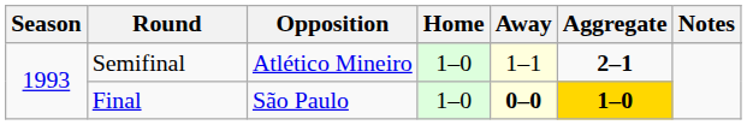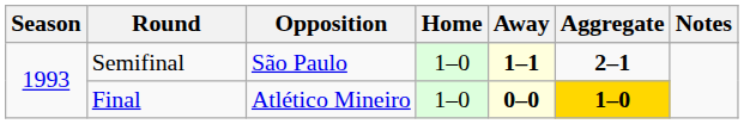 <table class="wikitable sortable ">
 <tr>
 <th align=center>Season</th>
 <th width=100>Round</th>
 <th>Opposition</th>
 <th>Home</th>
 <th>Away</th>
 <th>Aggregate</th>
 <th>Notes</th>
 </tr>
 <tr>
 <td align=center rowspan=3><a href='#'>1993</a></td>
 </tr>
 <tr>
 <td>Semifinal</td>
-<td> <a href='#'>Atlético Mineiro</a></td>
+<td> <a href='#'>São Paulo</a></td>
 <td style="text-align:center; background:#dfd;">1–0</td>
-<td style="text-align:center; background:#ffd;">1–1 </td>
+<td style="text-align:center; background:#ffd;"><strong>1–1 </strong></td>
 <td style="text-align:center;"><strong>2–1</strong></td>
 <td rowspan=2 style="text-align:center;"></td>
 </tr>
 <tr>
 <td><a href='#'>Final</a></td>
-<td> <a href='#'>São Paulo</a></td>
+<td> <a href='#'>Atlético Mineiro</a></td>
 <td style="text-align:center; background:#dfd;">1–0</td>
 <td style="text-align:center; background:#ffd;"><strong>0–0</strong></td>
 <td style="text-align:center;" bgcolor="gold"><strong>1–0</strong></td>
 </tr>
 </table>
